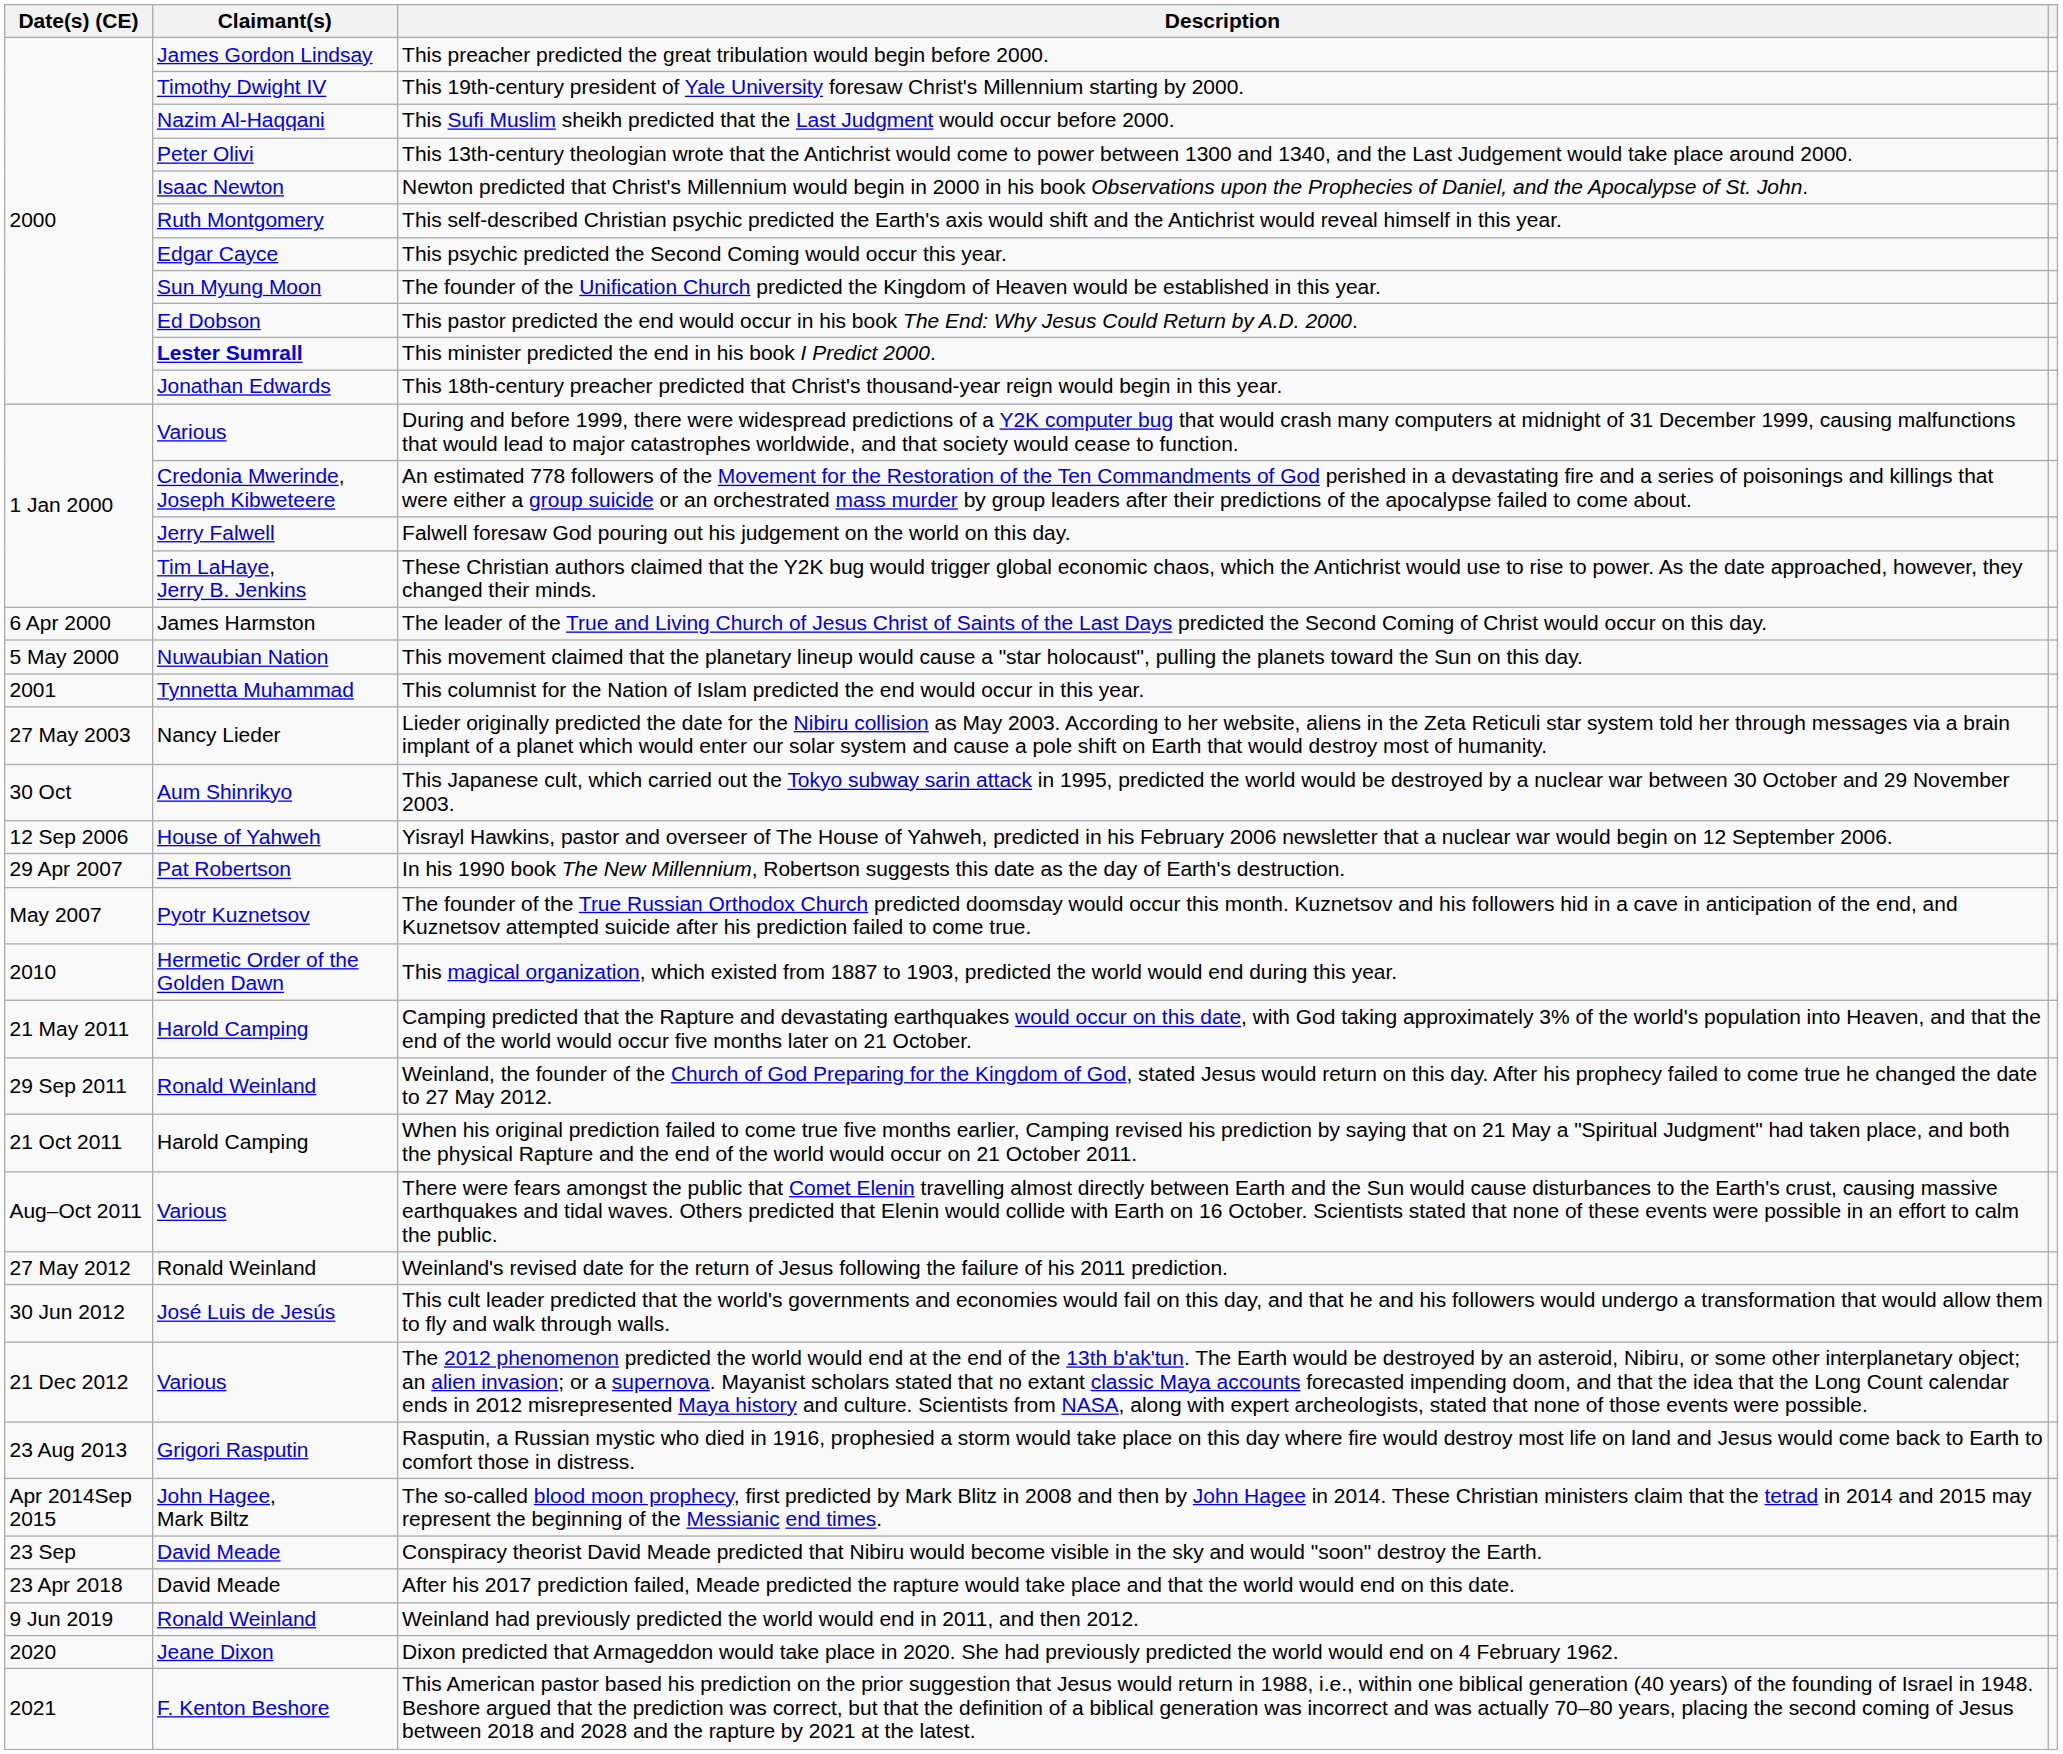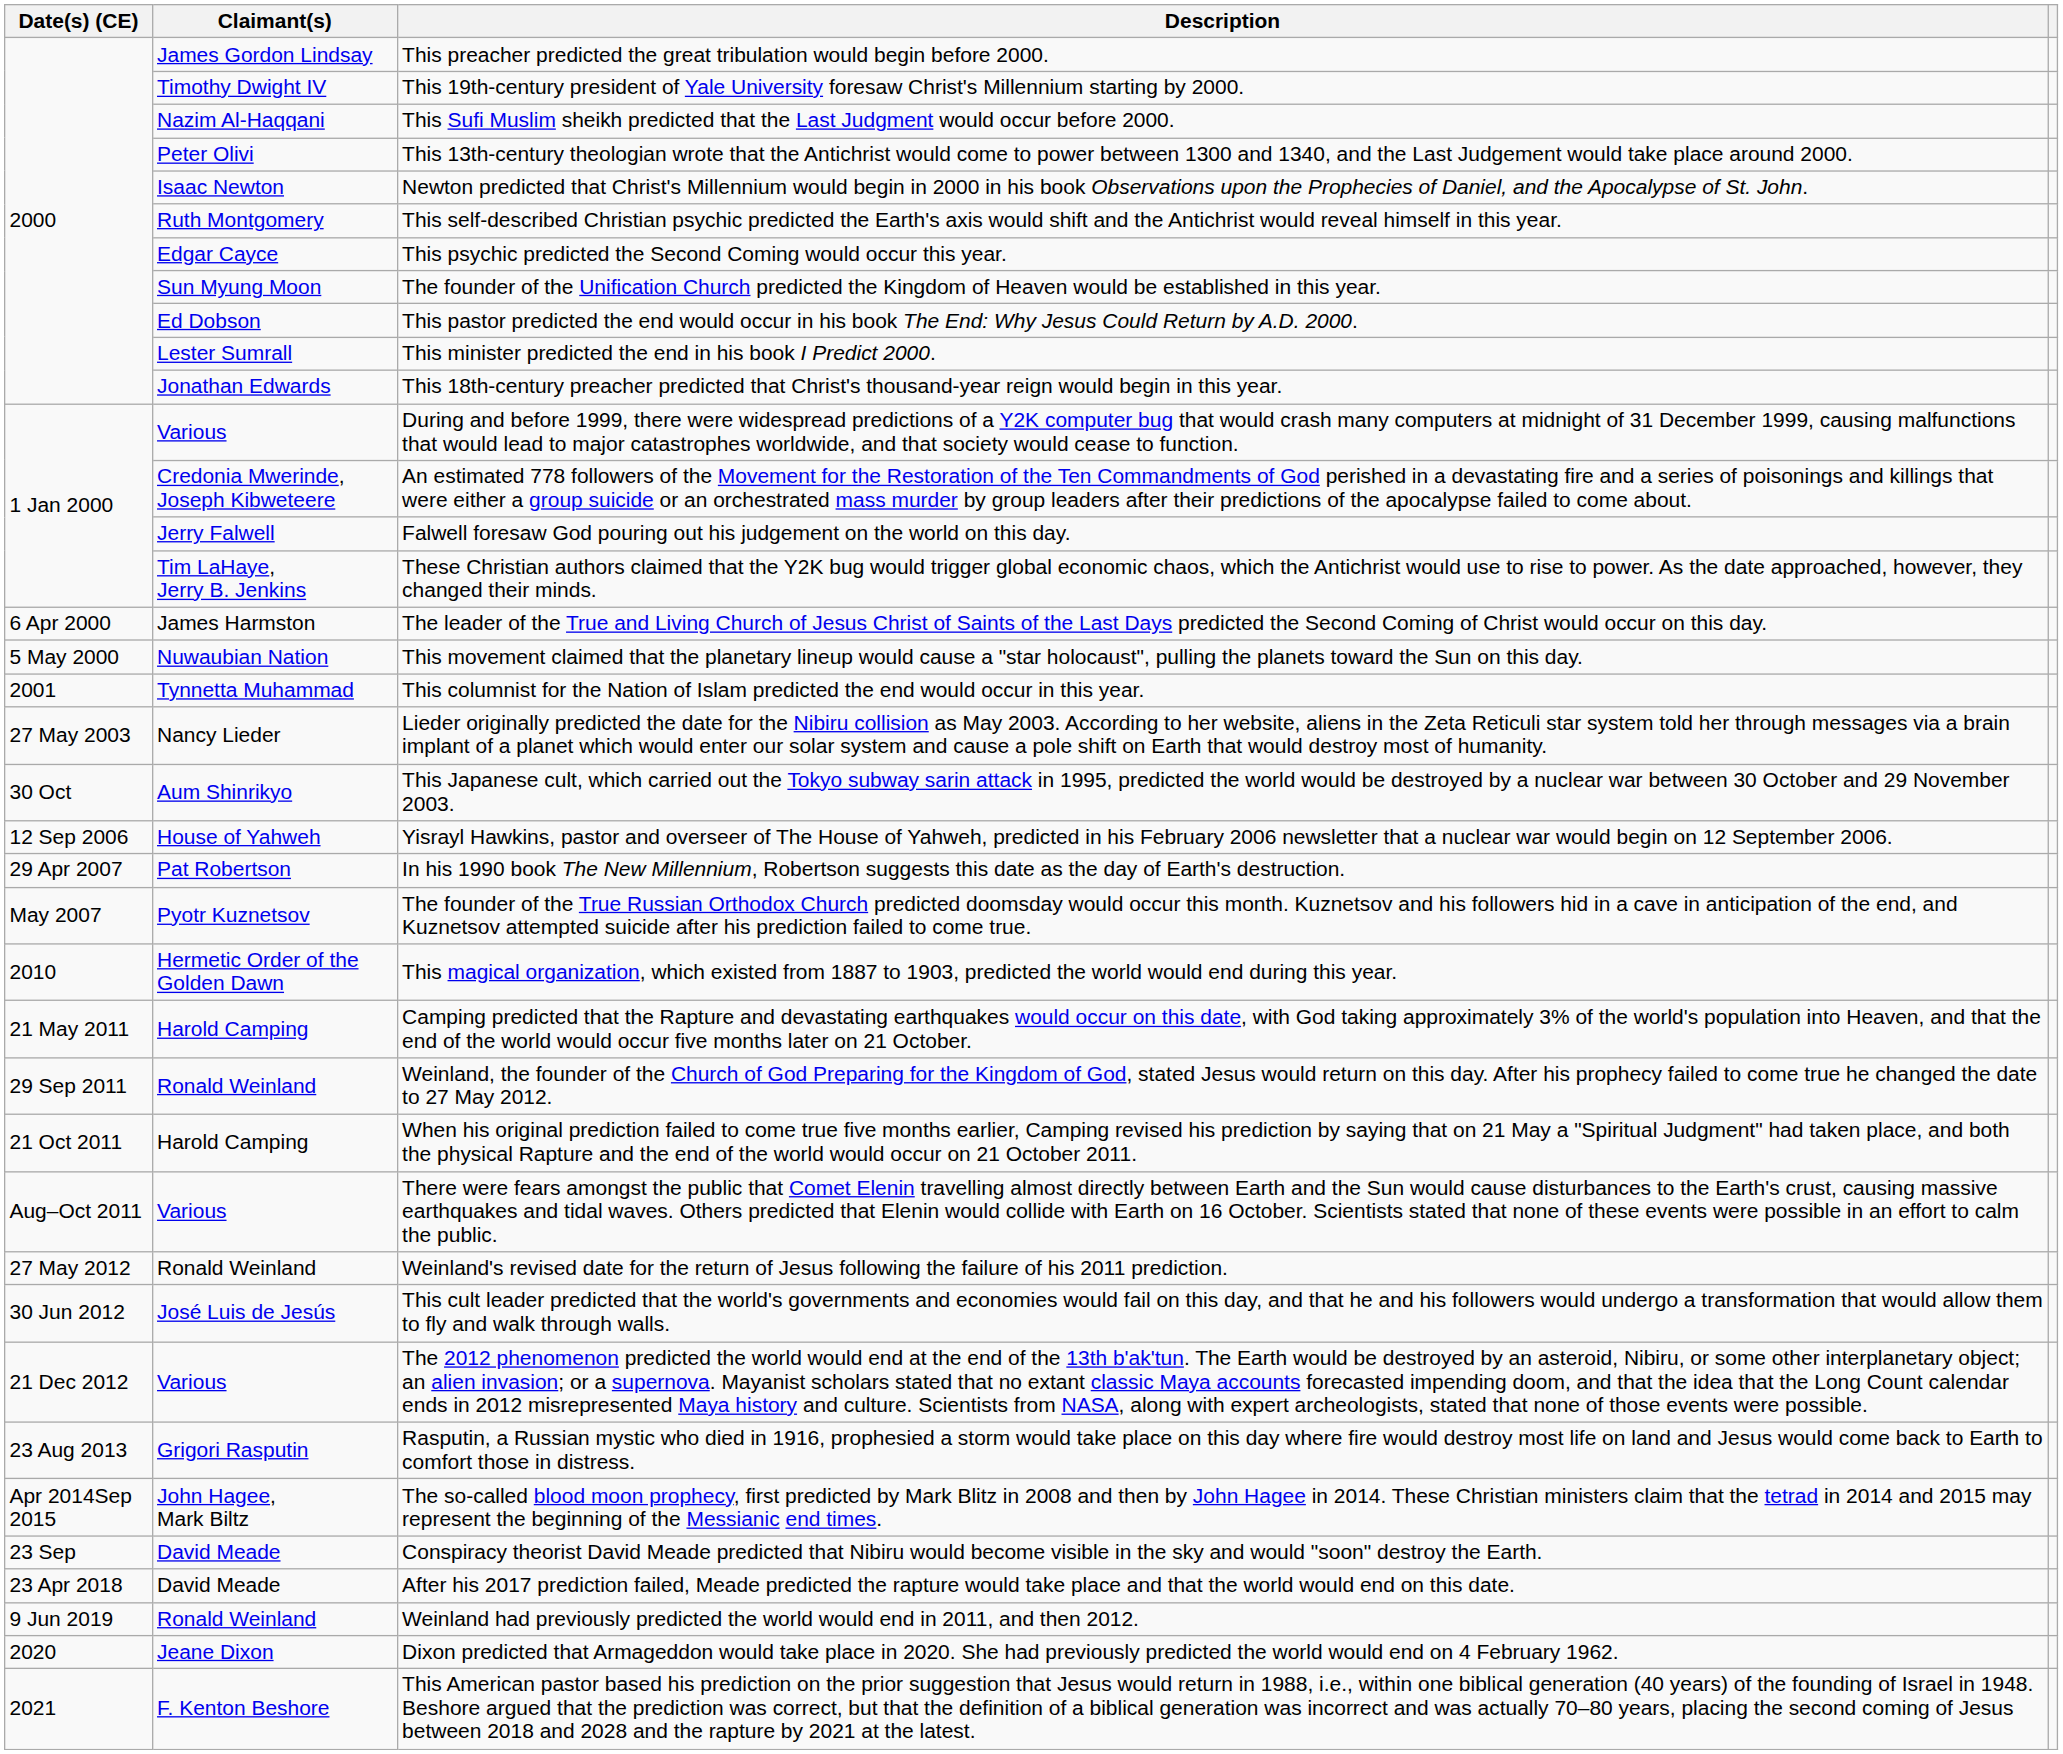 <table class="wikitable">
 <tr>
 <th>Date(s) (CE)</th>
 <th>Claimant(s)</th>
 <th>Description</th>
 <th></th>
 </tr>
 <tr>
 <td rowspan="11">2000</td>
 <td><a href='#'>James Gordon Lindsay</a></td>
 <td>This preacher predicted the great tribulation would begin before 2000.</td>
 <td align=center></td>
 </tr>
 <tr>
 <td><a href='#'>Timothy&nbsp;Dwight&nbsp;IV</a></td>
 <td>This 19th-century president of <a href='#'>Yale University</a> foresaw Christ's Millennium starting by 2000.</td>
 <td align=center></td>
 </tr>
 <tr>
 <td><a href='#'>Nazim Al-Haqqani</a></td>
 <td>This <a href='#'>Sufi Muslim</a> sheikh predicted that the <a href='#'>Last Judgment</a> would occur before 2000.</td>
 <td align=center></td>
 </tr>
 <tr>
 <td><a href='#'>Peter Olivi</a></td>
 <td>This 13th-century theologian wrote that the Antichrist would come to power between 1300 and 1340, and the Last Judgement would take place around 2000.</td>
 <td align=center></td>
 </tr>
 <tr>
 <td><a href='#'>Isaac Newton</a></td>
 <td>Newton predicted that Christ's Millennium would begin in 2000 in his book <em>Observations upon the Prophecies of Daniel, and the Apocalypse of St. John</em>.</td>
 <td align=center></td>
 </tr>
 <tr>
 <td><a href='#'>Ruth Montgomery</a></td>
 <td>This self-described Christian psychic predicted the Earth's axis would shift and the Antichrist would reveal himself in this year.</td>
 <td align=center></td>
 </tr>
 <tr>
 <td><a href='#'>Edgar Cayce</a></td>
 <td>This psychic predicted the Second Coming would occur this year.</td>
 <td align=center></td>
 </tr>
 <tr>
 <td><a href='#'>Sun Myung Moon</a></td>
 <td>The founder of the <a href='#'>Unification Church</a> predicted the Kingdom of Heaven would be established in this year.</td>
 <td align=center></td>
 </tr>
 <tr>
 <td><a href='#'>Ed Dobson</a></td>
 <td>This pastor predicted the end would occur in his book <em>The End: Why Jesus Could Return by A.D. 2000</em>.</td>
 <td align=center></td>
 </tr>
 <tr>
-<td><strong><a href='#'>Lester Sumrall</a></strong></td>
+<td><a href='#'>Lester Sumrall</a></td>
 <td>This minister predicted the end in his book <em>I Predict 2000</em>.</td>
 <td align=center></td>
 </tr>
 <tr>
 <td><a href='#'>Jonathan Edwards</a></td>
 <td>This 18th-century preacher predicted that Christ's thousand-year reign would begin in this year.</td>
 <td align=center></td>
 </tr>
 <tr>
 <td rowspan="4">1 Jan 2000</td>
 <td><a href='#'>Various</a></td>
 <td>During and before 1999, there were widespread predictions of a <a href='#'>Y2K computer bug</a> that would crash many computers at midnight of 31 December 1999, causing malfunctions that would lead to major catastrophes worldwide, and that society would cease to function.</td>
 <td align=center></td>
 </tr>
 <tr>
 <td><a href='#'>Credonia Mwerinde</a>, <a href='#'>Joseph Kibweteere</a></td>
 <td>An estimated 778 followers of the <a href='#'>Movement for the Restoration of the Ten Commandments of God</a> perished in a devastating fire and a series of poisonings and killings that were either a <a href='#'>group suicide</a> or an orchestrated <a href='#'>mass murder</a> by group leaders after their predictions of the apocalypse failed to come about.</td>
 <td align=center><br></td>
 </tr>
 <tr>
 <td><a href='#'>Jerry Falwell</a></td>
 <td>Falwell foresaw God pouring out his judgement on the world on this day.</td>
 <td align=center></td>
 </tr>
 <tr>
 <td><a href='#'>Tim LaHaye</a>,<br><a href='#'>Jerry B. Jenkins</a></td>
 <td>These Christian authors claimed that the Y2K bug would trigger global economic chaos, which the Antichrist would use to rise to power. As the date approached, however, they changed their minds.</td>
 <td align=center></td>
 </tr>
 <tr>
 <td>6 Apr 2000</td>
 <td>James Harmston</td>
 <td>The leader of the <a href='#'>True and Living Church of Jesus Christ of Saints of the Last Days</a> predicted the Second Coming of Christ would occur on this day.</td>
 <td align=center></td>
 </tr>
 <tr>
 <td>5 May 2000</td>
 <td><a href='#'>Nuwaubian Nation</a></td>
 <td>This movement claimed that the planetary lineup would cause a "star holocaust", pulling the planets toward the Sun on this day.</td>
 <td align=center></td>
 </tr>
 <tr>
 <td>2001</td>
 <td><a href='#'>Tynnetta Muhammad</a></td>
 <td>This columnist for the Nation of Islam predicted the end would occur in this year.</td>
 <td align=center></td>
 </tr>
 <tr>
 <td>27 May 2003</td>
 <td>Nancy Lieder</td>
 <td>Lieder originally predicted the date for the <a href='#'>Nibiru collision</a> as May 2003. According to her website, aliens in the Zeta Reticuli star system told her through messages via a brain implant of a planet which would enter our solar system and cause a pole shift on Earth that would destroy most of humanity.</td>
 <td align=center></td>
 </tr>
 <tr>
 <td>30 Oct</td>
 <td><a href='#'>Aum Shinrikyo</a></td>
 <td>This Japanese cult, which carried out the <a href='#'>Tokyo subway sarin attack</a> in 1995, predicted the world would be destroyed by a nuclear war between 30 October and 29 November 2003.</td>
 <td align=center></td>
 </tr>
 <tr>
 <td>12 Sep 2006</td>
 <td><a href='#'>House of Yahweh</a></td>
 <td>Yisrayl Hawkins, pastor and overseer of The House of Yahweh, predicted in his February 2006 newsletter that a nuclear war would begin on 12 September 2006.</td>
 <td align=center></td>
 </tr>
 <tr>
 <td>29 Apr 2007</td>
 <td><a href='#'>Pat Robertson</a></td>
 <td>In his 1990 book <em>The New Millennium</em>, Robertson suggests this date as the day of Earth's destruction.</td>
 <td align=center></td>
 </tr>
 <tr>
 <td>May 2007</td>
 <td><a href='#'>Pyotr Kuznetsov</a></td>
 <td>The founder of the <a href='#'>True Russian Orthodox Church</a> predicted doomsday would occur this month. Kuznetsov and his followers hid in a cave in anticipation of the end, and Kuznetsov attempted suicide after his prediction failed to come true.</td>
 <td align=center></td>
 </tr>
 <tr>
 <td>2010</td>
 <td><a href='#'>Hermetic Order of the Golden Dawn</a></td>
 <td>This <a href='#'>magical organization</a>, which existed from 1887 to 1903, predicted the world would end during this year.</td>
 <td align=center></td>
 </tr>
 <tr>
 <td>21 May 2011</td>
 <td><a href='#'>Harold Camping</a></td>
 <td>Camping predicted that the Rapture and devastating earthquakes <a href='#'>would occur on this date</a>, with God taking approximately 3% of the world's population into Heaven, and that the end of the world would occur five months later on 21 October.</td>
 <td align=center></td>
 </tr>
 <tr>
 <td>29 Sep 2011</td>
 <td><a href='#'>Ronald Weinland</a></td>
 <td>Weinland, the founder of the <a href='#'>Church of God Preparing for the Kingdom of God</a>, stated Jesus would return on this day. After his prophecy failed to come true he changed the date to 27 May 2012.</td>
 <td align=center></td>
 </tr>
 <tr>
 <td>21 Oct 2011</td>
 <td>Harold Camping</td>
 <td>When his original prediction failed to come true five months earlier, Camping revised his prediction by saying that on 21 May a "Spiritual Judgment" had taken place, and both the physical Rapture and the end of the world would occur on 21 October 2011.</td>
 <td align=center></td>
 </tr>
 <tr>
 <td>Aug–Oct 2011</td>
 <td><a href='#'>Various</a></td>
 <td>There were fears amongst the public that <a href='#'>Comet Elenin</a> travelling almost directly between Earth and the Sun would cause disturbances to the Earth's crust, causing massive earthquakes and tidal waves. Others predicted that Elenin would collide with Earth on 16 October. Scientists stated that none of these events were possible in an effort to calm the public.</td>
 <td align=center></td>
 </tr>
 <tr>
 <td>27 May 2012</td>
 <td>Ronald Weinland</td>
 <td>Weinland's revised date for the return of Jesus following the failure of his 2011 prediction.</td>
 <td align=center></td>
 </tr>
 <tr>
 <td>30 Jun 2012</td>
 <td><a href='#'>José Luis de Jesús</a></td>
 <td>This cult leader predicted that the world's governments and economies would fail on this day, and that he and his followers would undergo a transformation that would allow them to fly and walk through walls.</td>
 <td align=center></td>
 </tr>
 <tr>
 <td>21 Dec 2012</td>
 <td><a href='#'>Various</a></td>
 <td>The <a href='#'>2012 phenomenon</a> predicted the world would end at the end of the <a href='#'>13th b'ak'tun</a>. The Earth would be destroyed by an asteroid, Nibiru, or some other interplanetary object; an <a href='#'>alien invasion</a>; or a <a href='#'>supernova</a>. Mayanist scholars stated that no extant <a href='#'>classic Maya accounts</a> forecasted impending doom, and that the idea that the Long Count calendar ends in 2012 misrepresented <a href='#'>Maya history</a> and culture. Scientists from <a href='#'>NASA</a>, along with expert archeologists, stated that none of those events were possible.</td>
 <td align=center><br></td>
 </tr>
 <tr>
 <td>23 Aug 2013</td>
 <td><a href='#'>Grigori Rasputin</a></td>
 <td>Rasputin, a Russian mystic who died in 1916, prophesied a storm would take place on this day where fire would destroy most life on land and Jesus would come back to Earth to comfort those in distress.</td>
 <td align=center></td>
 </tr>
 <tr>
 <td>Apr 2014Sep 2015</td>
 <td><a href='#'>John Hagee</a>,<br>Mark Biltz</td>
 <td>The so-called <a href='#'>blood moon prophecy</a>, first predicted by Mark Blitz in 2008 and then by <a href='#'>John Hagee</a> in 2014. These Christian ministers claim that the <a href='#'>tetrad</a> in 2014 and 2015 may represent the beginning of the <a href='#'>Messianic</a> <a href='#'>end times</a>.</td>
 <td align=center></td>
 </tr>
 <tr>
 <td>23 Sep</td>
 <td><a href='#'>David Meade</a></td>
 <td>Conspiracy theorist David Meade predicted that Nibiru would become visible in the sky and would "soon" destroy the Earth.</td>
 <td align=center></td>
 </tr>
 <tr>
 <td>23 Apr 2018</td>
 <td>David Meade</td>
 <td>After his 2017 prediction failed, Meade predicted the rapture would take place and that the world would end on this date.</td>
 <td align=center><br></td>
 </tr>
 <tr>
 <td>9 Jun 2019</td>
 <td><a href='#'>Ronald Weinland</a></td>
 <td>Weinland had previously predicted the world would end in 2011, and then 2012.</td>
 <td align=center></td>
 </tr>
 <tr>
 <td>2020</td>
 <td><a href='#'>Jeane Dixon</a></td>
 <td>Dixon predicted that Armageddon would take place in 2020. She had previously predicted the world would end on 4 February 1962.</td>
 <td align=center></td>
 </tr>
 <tr>
 <td>2021</td>
 <td><a href='#'>F. Kenton Beshore</a></td>
 <td>This American pastor based his prediction on the prior suggestion that Jesus would return in 1988, i.e., within one biblical generation (40 years) of the founding of Israel in 1948. Beshore argued that the prediction was correct, but that the definition of a biblical generation was incorrect and was actually 70–80 years, placing the second coming of Jesus between 2018 and 2028 and the rapture by 2021 at the latest.</td>
 <td align=center></td>
 </tr>
 </table>
